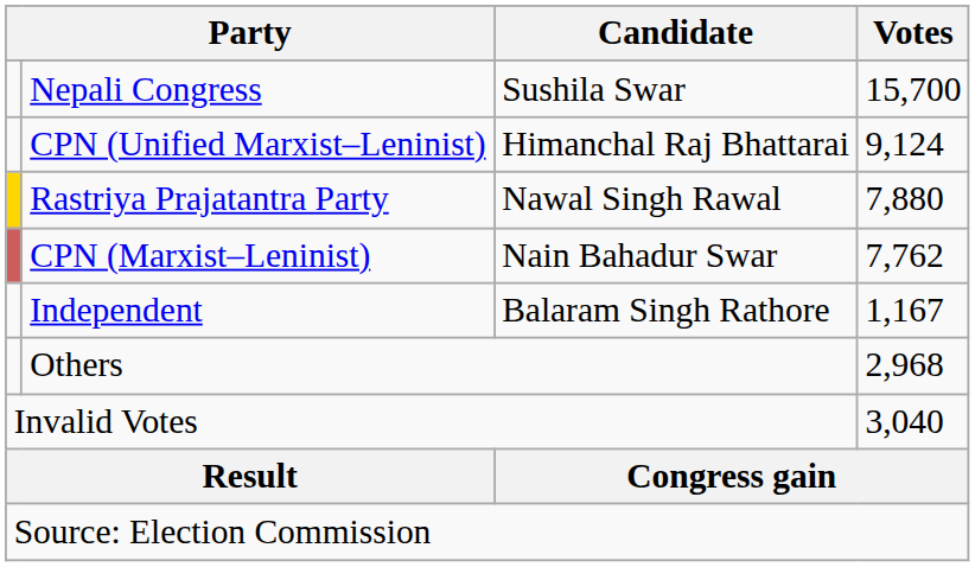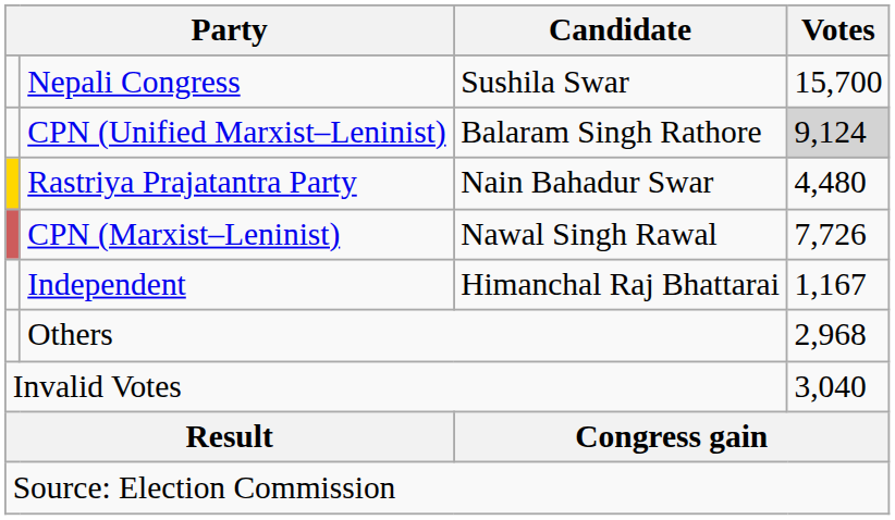 <table class="wikitable">
 <tr>
 <th colspan="2">Party</th>
 <th>Candidate</th>
 <th>Votes</th>
 </tr>
 <tr>
 <td style="background-color:"></td>
 <td><a href='#'>Nepali Congress</a></td>
 <td>Sushila Swar</td>
 <td>15,700</td>
 </tr>
 <tr>
 <td style="background-color:"></td>
 <td><a href='#'>CPN (Unified Marxist–Leninist)</a></td>
-<td>Himanchal Raj Bhattarai</td>
-<td>9,124</td>
+<td>Balaram Singh Rathore</td>
+<td style="background: lightgrey;">9,124</td>
 </tr>
 <tr>
 <td style="background-color:gold"></td>
 <td><a href='#'>Rastriya Prajatantra Party</a></td>
-<td>Nawal Singh Rawal</td>
-<td>7,880</td>
+<td>Nain Bahadur Swar</td>
+<td>4,480</td>
 </tr>
 <tr>
 <td style="background-color:indianred"></td>
 <td><a href='#'>CPN (Marxist–Leninist)</a></td>
-<td>Nain Bahadur Swar</td>
-<td>7,762</td>
+<td>Nawal Singh Rawal</td>
+<td>7,726</td>
 </tr>
 <tr>
 <td style="background-color:"></td>
 <td><a href='#'>Independent</a></td>
-<td>Balaram Singh Rathore</td>
+<td>Himanchal Raj Bhattarai</td>
 <td>1,167</td>
 </tr>
 <tr>
 <td></td>
 <td colspan="2">Others</td>
 <td>2,968</td>
 </tr>
 <tr>
 <td colspan="3">Invalid Votes</td>
 <td>3,040</td>
 </tr>
 <tr>
 <th colspan="2">Result</th>
 <th colspan="2">Congress gain</th>
 </tr>
 <tr>
 <td colspan="4">Source: Election Commission</td>
 </tr>
 </table>
